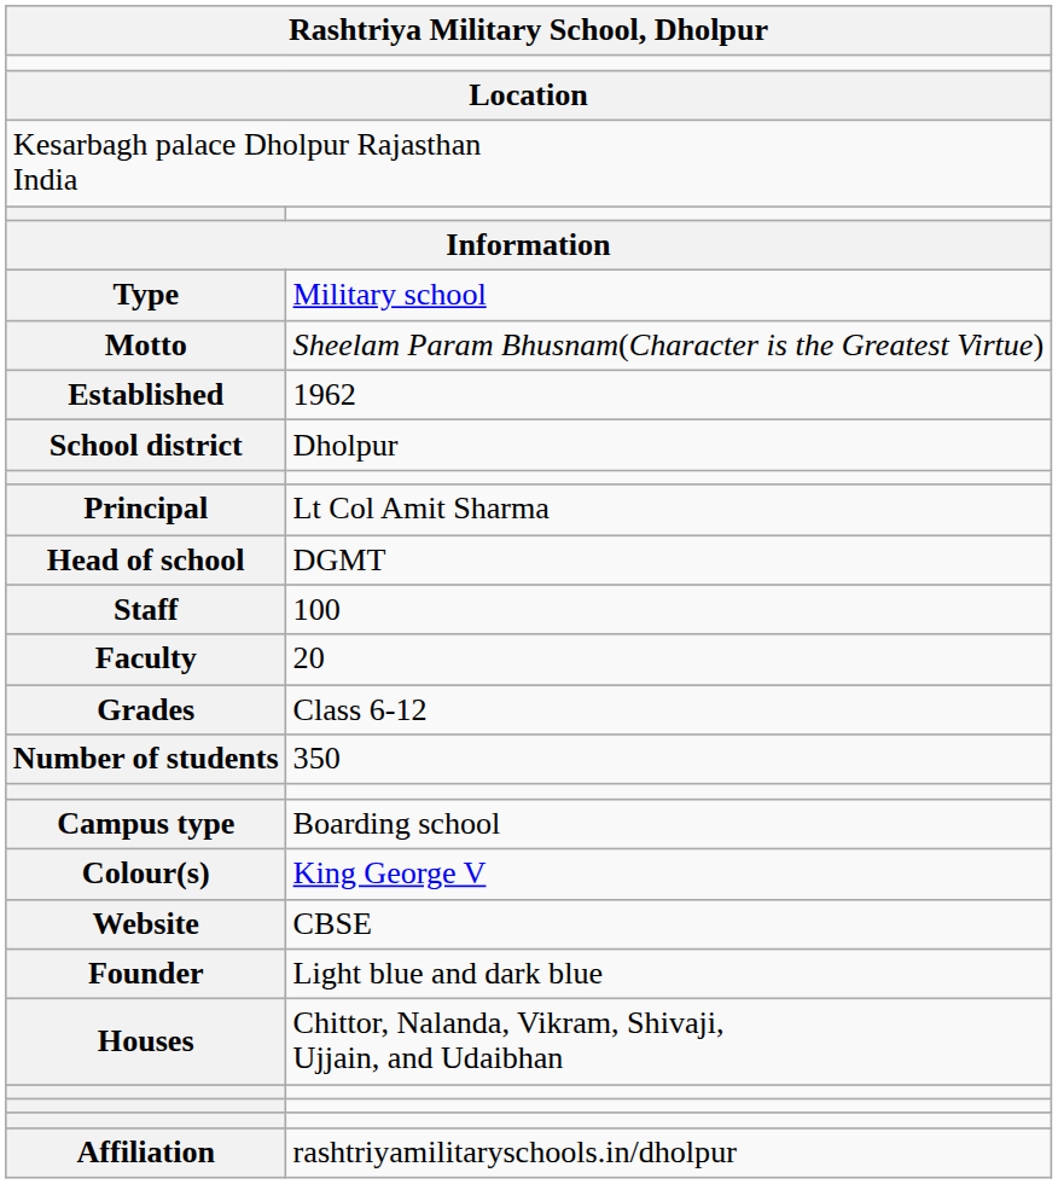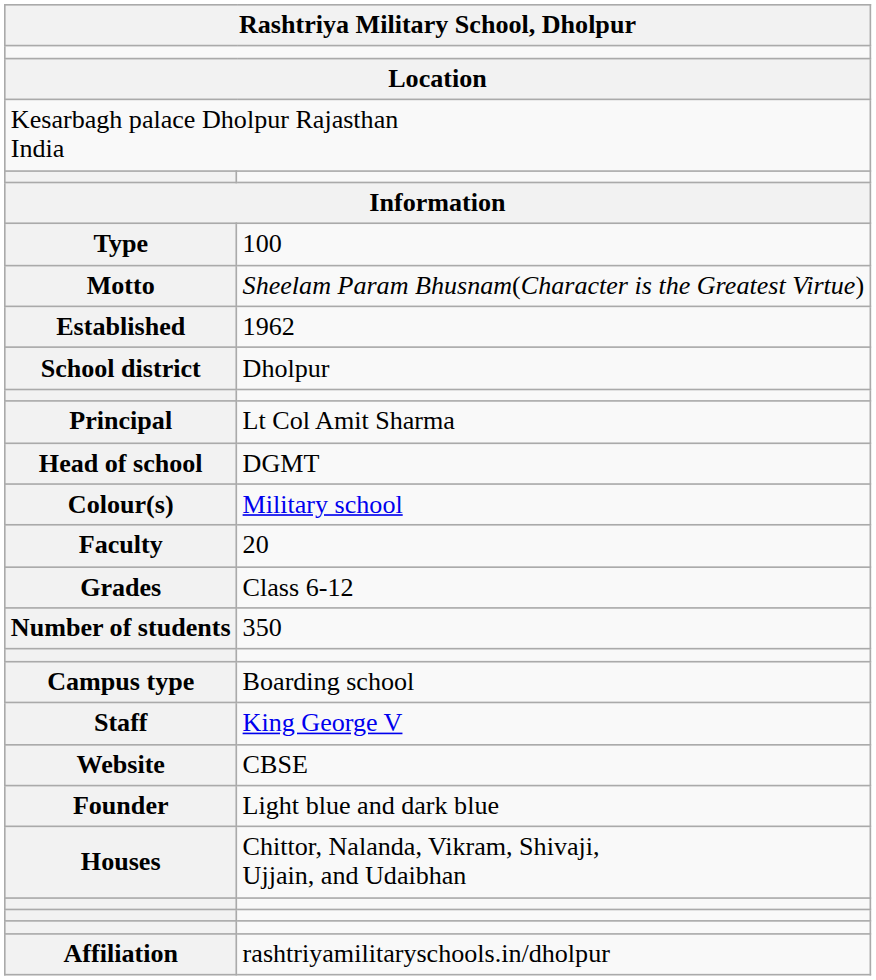 <table class="wikitable">
 <tr>
 <th colspan="2">Rashtriya Military School, Dholpur</th>
 </tr>
 <tr>
 <td colspan="2"></td>
 </tr>
 <tr>
 <th colspan="2">Location</th>
 </tr>
 <tr>
 <td colspan="2">Kesarbagh palace Dholpur Rajasthan<br>India</td>
 </tr>
 <tr>
 <th></th>
 <td></td>
 </tr>
 <tr>
 <th colspan="2">Information</th>
 </tr>
 <tr>
 <th>Type</th>
-<td><a href='#'>Military school</a></td>
+<td>100</td>
 </tr>
 <tr>
 <th>Motto</th>
 <td><em>Sheelam Param Bhusnam</em>(<em>Character is the Greatest Virtue</em>)</td>
 </tr>
 <tr>
 <th>Established</th>
 <td>1962</td>
 </tr>
 <tr>
 <th>School district</th>
 <td>Dholpur</td>
 </tr>
 <tr>
 <th></th>
 <td></td>
 </tr>
 <tr>
 <th>Principal</th>
 <td>Lt Col Amit Sharma</td>
 </tr>
 <tr>
 <th>Head of school</th>
 <td>DGMT</td>
 </tr>
 <tr>
-<th>Staff</th>
-<td>100</td>
+<th>Colour(s)</th>
+<td><a href='#'>Military school</a></td>
 </tr>
 <tr>
 <th>Faculty</th>
 <td>20</td>
 </tr>
 <tr>
 <th>Grades</th>
 <td>Class 6-12</td>
 </tr>
 <tr>
 <th>Number of students</th>
 <td>350</td>
 </tr>
 <tr>
 <th></th>
 <td></td>
 </tr>
 <tr>
 <th>Campus type</th>
 <td>Boarding school</td>
 </tr>
 <tr>
-<th>Colour(s)</th>
+<th>Staff</th>
 <td><a href='#'>King George V</a></td>
 </tr>
 <tr>
 <th>Website</th>
 <td>CBSE</td>
 </tr>
 <tr>
 <th>Founder</th>
 <td>Light blue and dark blue</td>
 </tr>
 <tr>
 <th>Houses</th>
 <td>Chittor, Nalanda, Vikram, Shivaji,<br>Ujjain, and Udaibhan</td>
 </tr>
 <tr>
 <th></th>
 <td></td>
 </tr>
 <tr>
 <th></th>
 <td></td>
 </tr>
 <tr>
 <th></th>
 <td></td>
 </tr>
 <tr>
 <th>Affiliation</th>
 <td>rashtriyamilitaryschools.in/dholpur</td>
 </tr>
 </table>
